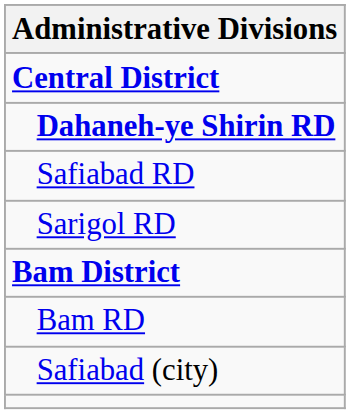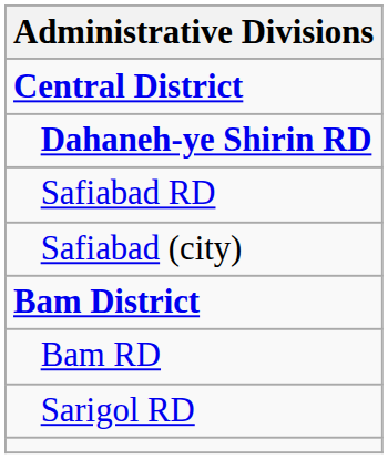 <table class="wikitable">
 <tr>
 <th>Administrative Divisions</th>
 </tr>
 <tr>
 <td><strong><a href='#'>Central District</a></strong></td>
 </tr>
 <tr>
 <td style="padding-left: 1em;"><strong><a href='#'>Dahaneh-ye Shirin RD</a></strong></td>
 </tr>
 <tr>
 <td style="padding-left: 1em;"><a href='#'>Safiabad RD</a></td>
 </tr>
 <tr>
-<td style="padding-left: 1em;"><a href='#'>Sarigol RD</a></td>
+<td style="padding-left: 1em;"><a href='#'>Safiabad</a> (city)</td>
 </tr>
 <tr>
 <td><strong><a href='#'>Bam District</a></strong></td>
 </tr>
 <tr>
 <td style="padding-left: 1em;"><a href='#'>Bam RD</a></td>
 </tr>
 <tr>
-<td style="padding-left: 1em;"><a href='#'>Safiabad</a> (city)</td>
+<td style="padding-left: 1em;"><a href='#'>Sarigol RD</a></td>
 </tr>
 <tr>
 <td colspan=1></td>
 </tr>
 </table>
